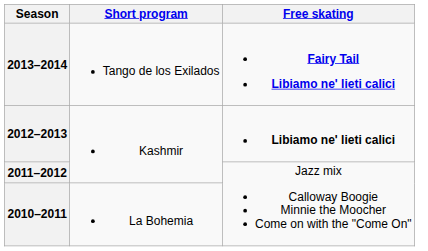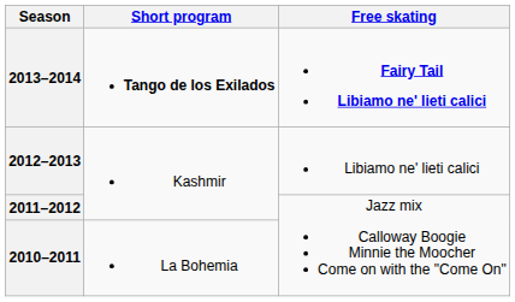 <table class=wikitable style=text-align:center>
 <tr>
 <th>Season</th>
 <th><a href='#'>Short program</a></th>
 <th><a href='#'>Free skating</a></th>
 </tr>
 <tr>
 <th>2013–2014</th>
-<td><br><ul><li>Tango de los Exilados <br></li></ul></td>
+<td><strong><br><ul><li>Tango de los Exilados <br></li></ul></strong></td>
 <td><strong><br><ul><li><a href='#'>Fairy Tail</a> <br></li></ul><ul><li><a href='#'>Libiamo ne' lieti calici</a> <br></li></ul></strong></td>
 </tr>
 <tr>
 <th>2012–2013</th>
 <td rowspan=2><br><ul><li>Kashmir <br></li></ul></td>
-<td><strong><br><ul><li>Libiamo ne' lieti calici <br></li></ul></strong></td>
+<td><br><ul><li>Libiamo ne' lieti calici <br></li></ul></td>
 </tr>
 <tr>
 <th>2011–2012 <br> </th>
 <td rowspan=2>Jazz mix<br><ul><li>Calloway Boogie</li><li>Minnie the Moocher</li><li>Come on with the "Come On" <br></li></ul></td>
 </tr>
 <tr>
 <th>2010–2011</th>
 <td><br><ul><li>La Bohemia <br></li></ul></td>
 </tr>
 </table>
